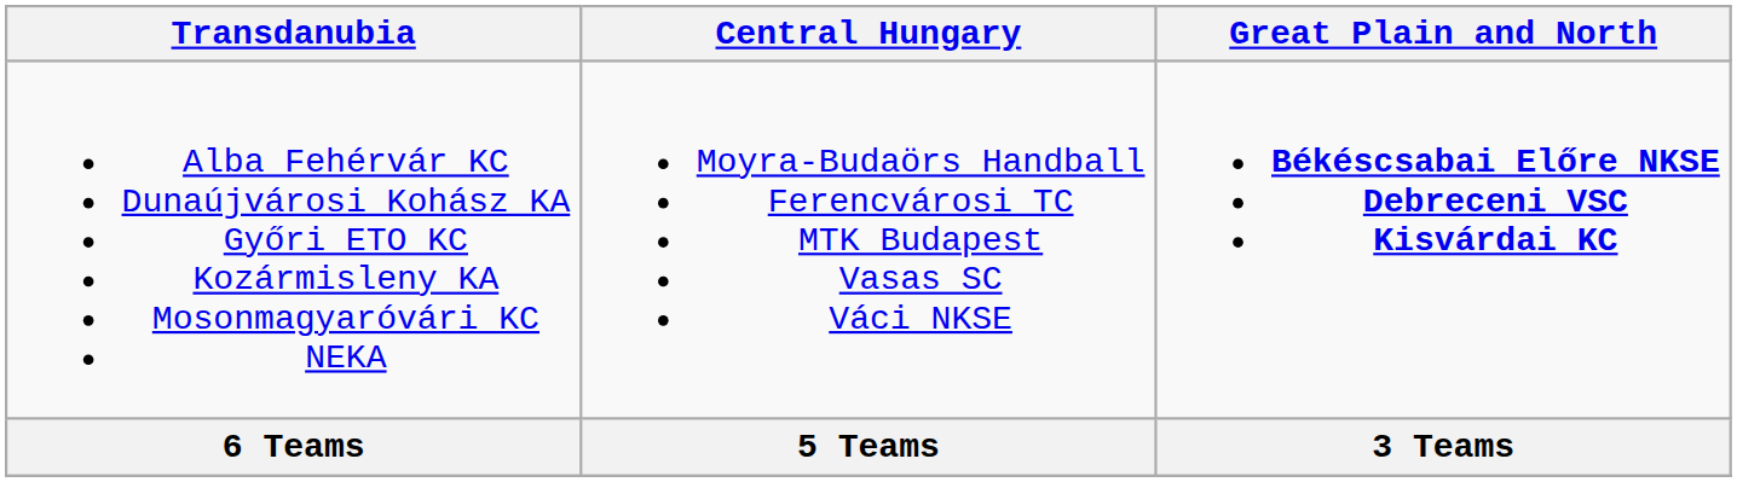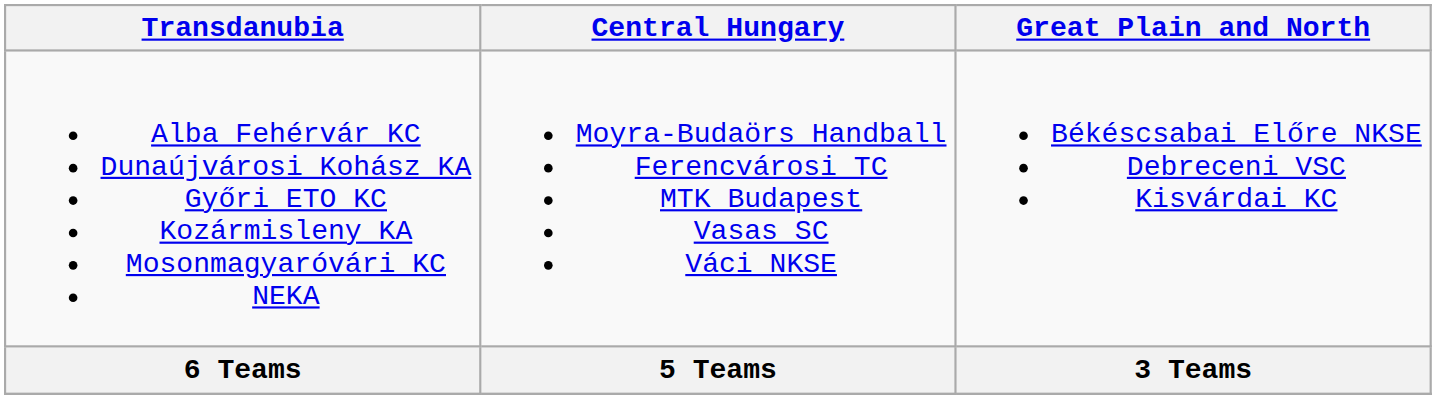 <table class="wikitable" style="clear:right;white-space:nowrap;">
 <tr>
 <th width="33%"><a href='#'>Transdanubia</a></th>
 <th width="33%"><a href='#'>Central Hungary</a></th>
 <th width="33%"><a href='#'>Great Plain and North</a></th>
 </tr>
 <tr align="center" valign="top">
 <td><br><ul><li><a href='#'>Alba Fehérvár KC</a></li><li><a href='#'>Dunaújvárosi Kohász KA</a></li><li><a href='#'>Győri ETO KC</a></li><li><a href='#'>Kozármisleny KA</a></li><li><a href='#'>Mosonmagyaróvári KC</a></li><li><a href='#'>NEKA</a></li></ul></td>
 <td><br><ul><li><a href='#'>Moyra-Budaörs Handball</a></li><li><a href='#'>Ferencvárosi TC</a></li><li><a href='#'>MTK Budapest</a></li><li><a href='#'>Vasas SC</a></li><li><a href='#'>Váci NKSE</a></li></ul></td>
-<td><strong><br><ul><li><a href='#'>Békéscsabai Előre NKSE</a></li><li><a href='#'>Debreceni VSC</a></li><li><a href='#'>Kisvárdai KC</a></li></ul></strong></td>
+<td><br><ul><li><a href='#'>Békéscsabai Előre NKSE</a></li><li><a href='#'>Debreceni VSC</a></li><li><a href='#'>Kisvárdai KC</a></li></ul></td>
 </tr>
 <tr>
 <th>6 Teams</th>
 <th>5 Teams</th>
 <th>3 Teams</th>
 </tr>
 <tr>
 </tr>
 </table>
